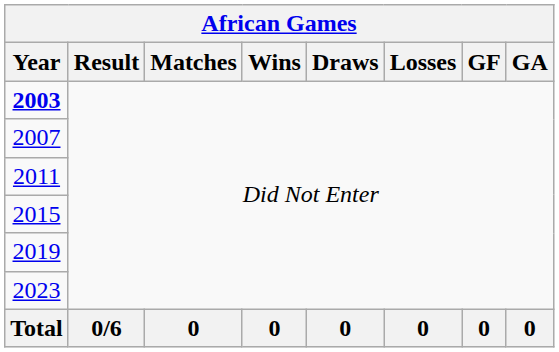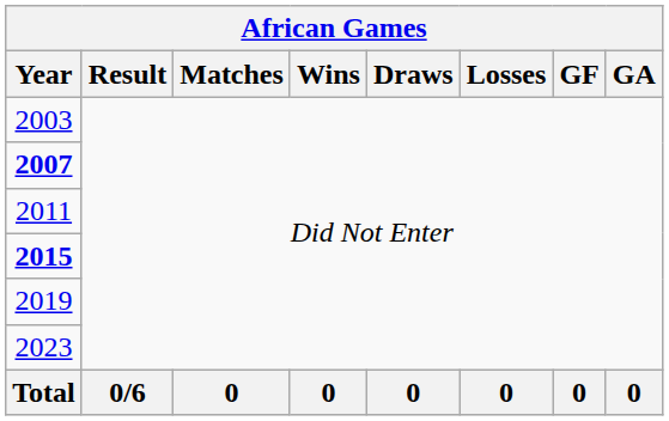 <table class="wikitable" style="text-align: center;">
 <tr>
 <th colspan=10><a href='#'>African Games</a></th>
 </tr>
 <tr>
 <th>Year</th>
 <th>Result</th>
 <th>Matches</th>
 <th>Wins</th>
 <th>Draws</th>
 <th>Losses</th>
 <th>GF</th>
 <th>GA</th>
 </tr>
 <tr>
-<td><strong> <a href='#'>2003</a></strong></td>
+<td> <a href='#'>2003</a></td>
 <td rowspan=6 colspan=7><em>Did Not Enter</em></td>
 </tr>
 <tr>
-<td> <a href='#'>2007</a></td>
+<td><strong> <a href='#'>2007</a></strong></td>
 </tr>
 <tr>
 <td> <a href='#'>2011</a></td>
 </tr>
 <tr>
-<td> <a href='#'>2015</a></td>
+<td><strong> <a href='#'>2015</a></strong></td>
 </tr>
 <tr>
 <td> <a href='#'>2019</a></td>
 </tr>
 <tr>
 <td> <a href='#'>2023</a></td>
 </tr>
 <tr>
 <th>Total</th>
 <th>0/6</th>
 <th>0</th>
 <th>0</th>
 <th>0</th>
 <th>0</th>
 <th>0</th>
 <th>0</th>
 </tr>
 </table>
